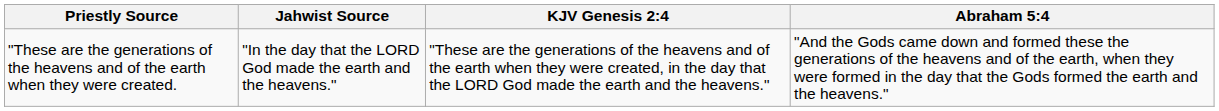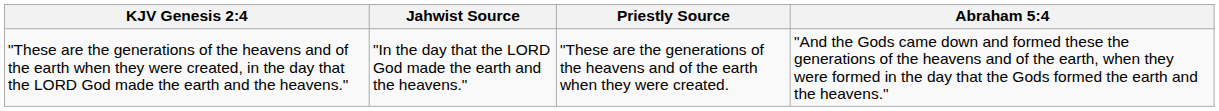 <table class="wikitable">
 <tr>
+<th>KJV Genesis 2:4</th>
+<th>Jahwist Source</th>
 <th>Priestly Source</th>
-<th>Jahwist Source</th>
-<th>KJV Genesis 2:4</th>
 <th>Abraham 5:4</th>
 </tr>
 <tr>
+<td>"These are the generations of the heavens and of the earth when they were created, in the day that the LORD God made the earth and the heavens."</td>
+<td>"In the day that the LORD God made the earth and the heavens."</td>
 <td>"These are the generations of the heavens and of the earth when they were created.</td>
-<td>"In the day that the LORD God made the earth and the heavens."</td>
-<td>"These are the generations of the heavens and of the earth when they were created, in the day that the LORD God made the earth and the heavens."</td>
 <td>"And the Gods came down and formed these the generations of the heavens and of the earth, when they were formed in the day that the Gods formed the earth and the heavens."</td>
 </tr>
 </table>
